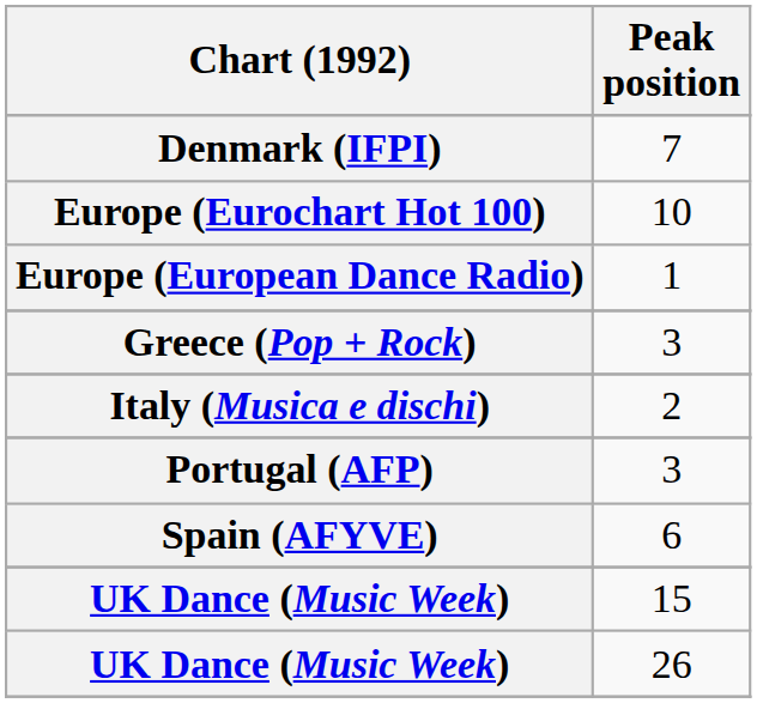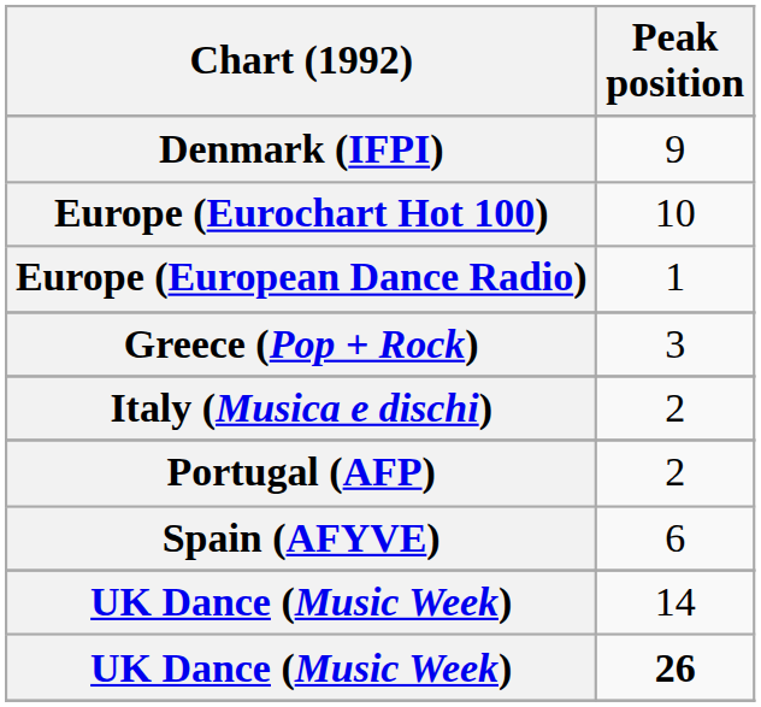 <table class="wikitable sortable plainrowheaders" style="text-align:center">
 <tr>
 <th scope="col">Chart (1992)</th>
 <th scope="col">Peak<br>position</th>
 </tr>
 <tr>
 </tr>
 <tr>
 </tr>
 <tr>
 </tr>
 <tr>
 </tr>
 <tr>
 <th scope="row">Denmark (<a href='#'>IFPI</a>)</th>
-<td>7</td>
+<td>9</td>
 </tr>
 <tr>
 <th scope="row">Europe (<a href='#'>Eurochart Hot 100</a>)</th>
 <td>10</td>
 </tr>
 <tr>
 <th scope="row">Europe (<a href='#'>European Dance Radio</a>)</th>
 <td>1</td>
 </tr>
 <tr>
 </tr>
 <tr>
 </tr>
 <tr>
 <th scope="row">Greece (<em><a href='#'>Pop + Rock</a></em>)</th>
 <td>3</td>
 </tr>
 <tr>
 </tr>
 <tr>
 <th scope="row">Italy (<em><a href='#'>Musica e dischi</a></em>)</th>
 <td>2</td>
 </tr>
 <tr>
 </tr>
 <tr>
 </tr>
 <tr>
 </tr>
 <tr>
 <th scope="row">Portugal (<a href='#'>AFP</a>)</th>
-<td>3</td>
+<td>2</td>
 </tr>
 <tr>
 <th scope="row">Spain (<a href='#'>AFYVE</a>)</th>
 <td>6</td>
 </tr>
 <tr>
 </tr>
 <tr>
 </tr>
 <tr>
 </tr>
 <tr>
 </tr>
 <tr>
 <th scope="row"><a href='#'>UK Dance</a> (<em><a href='#'>Music Week</a></em>)</th>
-<td>15</td>
+<td>14</td>
 </tr>
 <tr>
 <th scope="row"><a href='#'>UK Dance</a> (<em><a href='#'>Music Week</a></em>)<br></th>
-<td>26</td>
+<td><strong>26</strong></td>
 </tr>
 <tr>
 </tr>
 <tr>
 </tr>
 <tr>
 </tr>
 </table>
